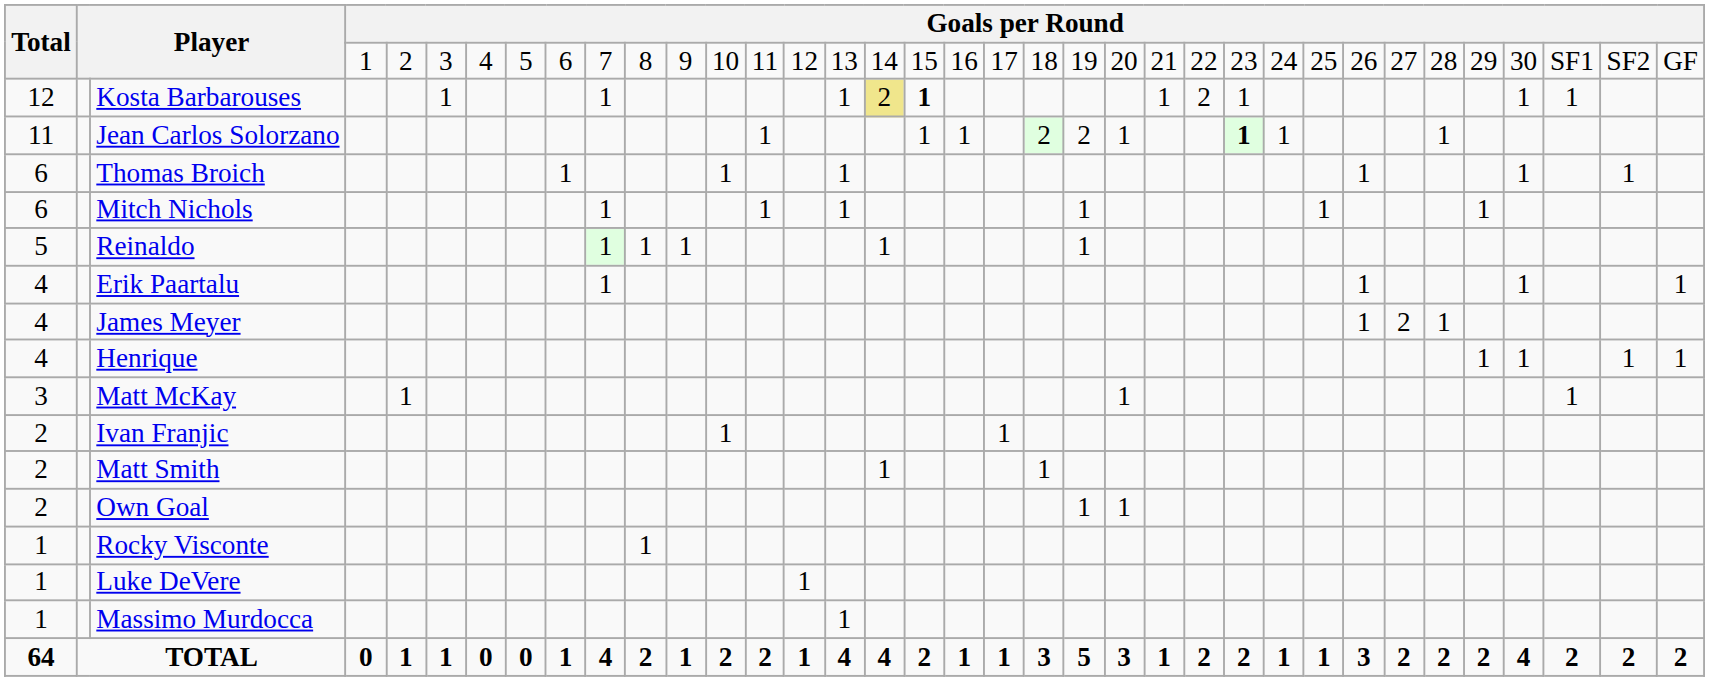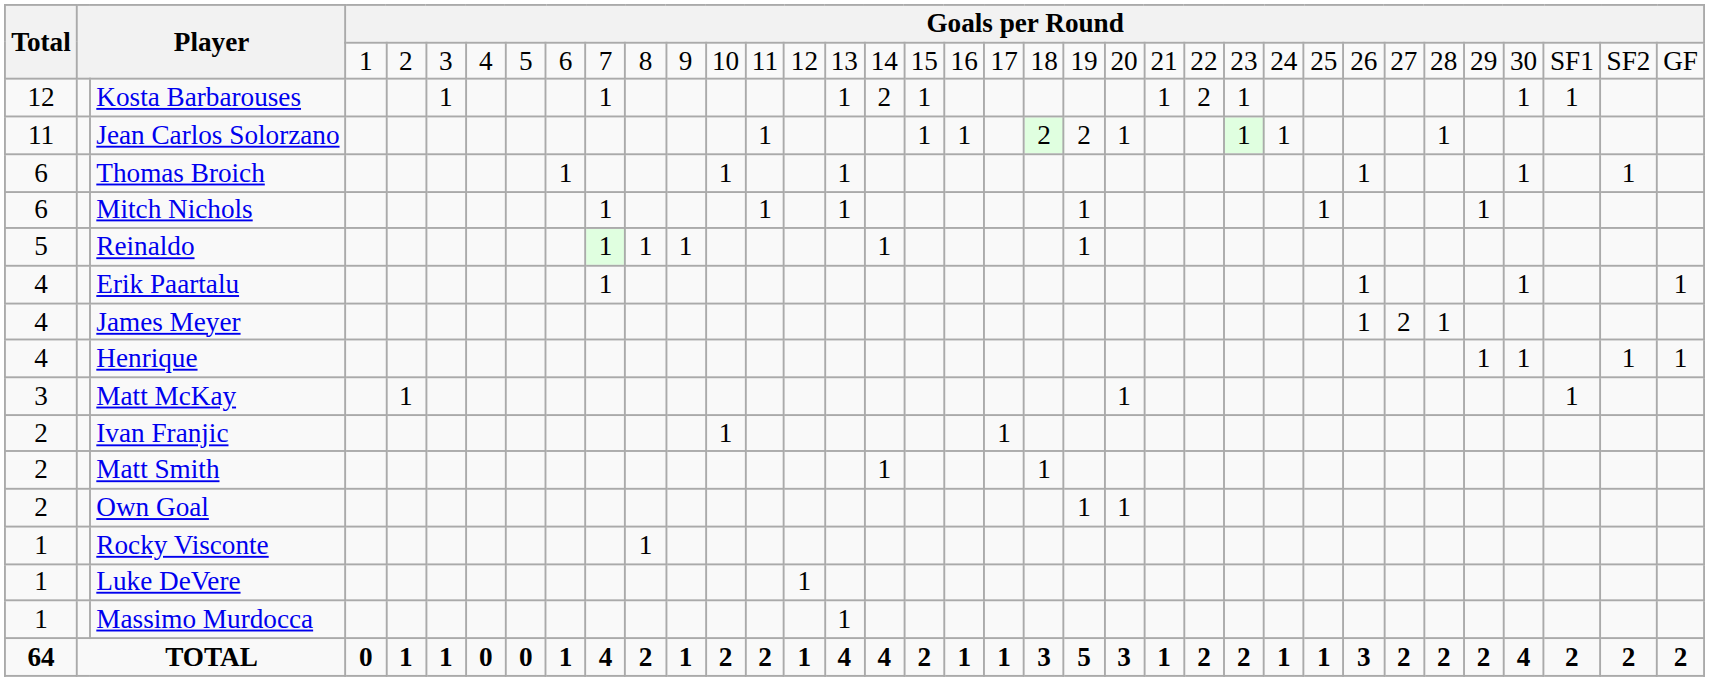 <table class="wikitable" style="text-align:center; line-height: 90%; font-size:90%;">
 <tr>
 <th rowspan="2">Total</th>
 <th rowspan="2" colspan="2">Player</th>
 <th colspan="33">Goals per Round</th>
 </tr>
 <tr>
 <td> 1 </td>
 <td> 2 </td>
 <td> 3 </td>
 <td> 4 </td>
 <td> 5 </td>
 <td> 6 </td>
 <td> 7 </td>
 <td> 8 </td>
 <td> 9 </td>
 <td>10</td>
 <td>11</td>
 <td>12</td>
 <td>13</td>
 <td>14</td>
 <td>15</td>
 <td>16</td>
 <td>17</td>
 <td>18</td>
 <td>19</td>
 <td>20</td>
 <td>21</td>
 <td>22</td>
 <td>23</td>
 <td>24</td>
 <td>25</td>
 <td>26</td>
 <td>27</td>
 <td>28</td>
 <td>29</td>
 <td>30</td>
 <td>SF1</td>
 <td>SF2</td>
 <td>GF</td>
 </tr>
 <tr>
 <td>12</td>
 <td></td>
 <td style="text-align:left;"><a href='#'>Kosta Barbarouses</a></td>
 <td></td>
 <td></td>
 <td>1</td>
 <td></td>
 <td></td>
 <td></td>
 <td>1</td>
 <td></td>
 <td></td>
 <td></td>
 <td></td>
 <td></td>
 <td>1</td>
-<td style="background: khaki;">2</td>
-<td><strong>1</strong></td>
+<td>2</td>
+<td>1</td>
 <td></td>
 <td></td>
 <td></td>
 <td></td>
 <td></td>
 <td>1</td>
 <td>2</td>
 <td>1</td>
 <td></td>
 <td></td>
 <td></td>
 <td></td>
 <td></td>
 <td></td>
 <td>1</td>
 <td>1</td>
 <td></td>
 <td></td>
 </tr>
 <tr>
 <td>11</td>
 <td></td>
 <td style="text-align:left;"><a href='#'>Jean Carlos Solorzano</a></td>
 <td></td>
 <td></td>
 <td></td>
 <td></td>
 <td></td>
 <td></td>
 <td></td>
 <td></td>
 <td></td>
 <td></td>
 <td>1</td>
 <td></td>
 <td></td>
 <td></td>
 <td>1</td>
 <td>1</td>
 <td></td>
 <td style="background:#e0ffe0;">2</td>
 <td>2</td>
 <td>1</td>
 <td></td>
 <td></td>
-<td style="background:#e0ffe0;"><strong>1</strong></td>
+<td style="background:#e0ffe0;">1</td>
 <td>1</td>
 <td></td>
 <td></td>
 <td></td>
 <td>1</td>
 <td></td>
 <td></td>
 <td></td>
 <td></td>
 <td></td>
 </tr>
 <tr>
 <td>6</td>
 <td></td>
 <td style="text-align:left;"><a href='#'>Thomas Broich</a></td>
 <td></td>
 <td></td>
 <td></td>
 <td></td>
 <td></td>
 <td>1</td>
 <td></td>
 <td></td>
 <td></td>
 <td>1</td>
 <td></td>
 <td></td>
 <td>1</td>
 <td></td>
 <td></td>
 <td></td>
 <td></td>
 <td></td>
 <td></td>
 <td></td>
 <td></td>
 <td></td>
 <td></td>
 <td></td>
 <td></td>
 <td>1</td>
 <td></td>
 <td></td>
 <td></td>
 <td>1</td>
 <td></td>
 <td>1</td>
 <td></td>
 </tr>
 <tr>
 <td>6</td>
 <td></td>
 <td style="text-align:left;"><a href='#'>Mitch Nichols</a></td>
 <td></td>
 <td></td>
 <td></td>
 <td></td>
 <td></td>
 <td></td>
 <td>1</td>
 <td></td>
 <td></td>
 <td></td>
 <td>1</td>
 <td></td>
 <td>1</td>
 <td></td>
 <td></td>
 <td></td>
 <td></td>
 <td></td>
 <td>1</td>
 <td></td>
 <td></td>
 <td></td>
 <td></td>
 <td></td>
 <td>1</td>
 <td></td>
 <td></td>
 <td></td>
 <td>1</td>
 <td></td>
 <td></td>
 <td></td>
 <td></td>
 </tr>
 <tr>
 <td>5</td>
 <td></td>
 <td style="text-align:left;"><a href='#'>Reinaldo</a></td>
 <td></td>
 <td></td>
 <td></td>
 <td></td>
 <td></td>
 <td></td>
 <td style="background:#e0ffe0;">1</td>
 <td>1</td>
 <td>1</td>
 <td></td>
 <td></td>
 <td></td>
 <td></td>
 <td>1</td>
 <td></td>
 <td></td>
 <td></td>
 <td></td>
 <td>1</td>
 <td></td>
 <td></td>
 <td></td>
 <td></td>
 <td></td>
 <td></td>
 <td></td>
 <td></td>
 <td></td>
 <td></td>
 <td></td>
 <td></td>
 <td></td>
 <td></td>
 </tr>
 <tr>
 <td>4</td>
 <td></td>
 <td style="text-align:left;"><a href='#'>Erik Paartalu</a></td>
 <td></td>
 <td></td>
 <td></td>
 <td></td>
 <td></td>
 <td></td>
 <td>1</td>
 <td></td>
 <td></td>
 <td></td>
 <td></td>
 <td></td>
 <td></td>
 <td></td>
 <td></td>
 <td></td>
 <td></td>
 <td></td>
 <td></td>
 <td></td>
 <td></td>
 <td></td>
 <td></td>
 <td></td>
 <td></td>
 <td>1</td>
 <td></td>
 <td></td>
 <td></td>
 <td>1</td>
 <td></td>
 <td></td>
 <td>1</td>
 </tr>
 <tr>
 <td>4</td>
 <td></td>
 <td style="text-align:left;"><a href='#'>James Meyer</a></td>
 <td></td>
 <td></td>
 <td></td>
 <td></td>
 <td></td>
 <td></td>
 <td></td>
 <td></td>
 <td></td>
 <td></td>
 <td></td>
 <td></td>
 <td></td>
 <td></td>
 <td></td>
 <td></td>
 <td></td>
 <td></td>
 <td></td>
 <td></td>
 <td></td>
 <td></td>
 <td></td>
 <td></td>
 <td></td>
 <td>1</td>
 <td>2</td>
 <td>1</td>
 <td></td>
 <td></td>
 <td></td>
 <td></td>
 <td></td>
 </tr>
 <tr>
 <td>4</td>
 <td></td>
 <td style="text-align:left;"><a href='#'>Henrique</a></td>
 <td></td>
 <td></td>
 <td></td>
 <td></td>
 <td></td>
 <td></td>
 <td></td>
 <td></td>
 <td></td>
 <td></td>
 <td></td>
 <td></td>
 <td></td>
 <td></td>
 <td></td>
 <td></td>
 <td></td>
 <td></td>
 <td></td>
 <td></td>
 <td></td>
 <td></td>
 <td></td>
 <td></td>
 <td></td>
 <td></td>
 <td></td>
 <td></td>
 <td>1</td>
 <td>1</td>
 <td></td>
 <td>1</td>
 <td>1</td>
 </tr>
 <tr>
 <td>3</td>
 <td></td>
 <td style="text-align:left;"><a href='#'>Matt McKay</a></td>
 <td></td>
 <td>1</td>
 <td></td>
 <td></td>
 <td></td>
 <td></td>
 <td></td>
 <td></td>
 <td></td>
 <td></td>
 <td></td>
 <td></td>
 <td></td>
 <td></td>
 <td></td>
 <td></td>
 <td></td>
 <td></td>
 <td></td>
 <td>1</td>
 <td></td>
 <td></td>
 <td></td>
 <td></td>
 <td></td>
 <td></td>
 <td></td>
 <td></td>
 <td></td>
 <td></td>
 <td>1</td>
 <td></td>
 <td></td>
 </tr>
 <tr>
 <td>2</td>
 <td></td>
 <td style="text-align:left;"><a href='#'>Ivan Franjic</a></td>
 <td></td>
 <td></td>
 <td></td>
 <td></td>
 <td></td>
 <td></td>
 <td></td>
 <td></td>
 <td></td>
 <td>1</td>
 <td></td>
 <td></td>
 <td></td>
 <td></td>
 <td></td>
 <td></td>
 <td>1</td>
 <td></td>
 <td></td>
 <td></td>
 <td></td>
 <td></td>
 <td></td>
 <td></td>
 <td></td>
 <td></td>
 <td></td>
 <td></td>
 <td></td>
 <td></td>
 <td></td>
 <td></td>
 <td></td>
 </tr>
 <tr>
 <td>2</td>
 <td></td>
 <td style="text-align:left;"><a href='#'>Matt Smith</a></td>
 <td></td>
 <td></td>
 <td></td>
 <td></td>
 <td></td>
 <td></td>
 <td></td>
 <td></td>
 <td></td>
 <td></td>
 <td></td>
 <td></td>
 <td></td>
 <td>1</td>
 <td></td>
 <td></td>
 <td></td>
 <td>1</td>
 <td></td>
 <td></td>
 <td></td>
 <td></td>
 <td></td>
 <td></td>
 <td></td>
 <td></td>
 <td></td>
 <td></td>
 <td></td>
 <td></td>
 <td></td>
 <td></td>
 <td></td>
 </tr>
 <tr>
 <td>2</td>
 <td></td>
 <td style="text-align:left;"><a href='#'>Own Goal</a></td>
 <td></td>
 <td></td>
 <td></td>
 <td></td>
 <td></td>
 <td></td>
 <td></td>
 <td></td>
 <td></td>
 <td></td>
 <td></td>
 <td></td>
 <td></td>
 <td></td>
 <td></td>
 <td></td>
 <td></td>
 <td></td>
 <td>1</td>
 <td>1</td>
 <td></td>
 <td></td>
 <td></td>
 <td></td>
 <td></td>
 <td></td>
 <td></td>
 <td></td>
 <td></td>
 <td></td>
 <td></td>
 <td></td>
 <td></td>
 </tr>
 <tr>
 <td>1</td>
 <td></td>
 <td style="text-align:left;"><a href='#'>Rocky Visconte</a></td>
 <td></td>
 <td></td>
 <td></td>
 <td></td>
 <td></td>
 <td></td>
 <td></td>
 <td>1</td>
 <td></td>
 <td></td>
 <td></td>
 <td></td>
 <td></td>
 <td></td>
 <td></td>
 <td></td>
 <td></td>
 <td></td>
 <td></td>
 <td></td>
 <td></td>
 <td></td>
 <td></td>
 <td></td>
 <td></td>
 <td></td>
 <td></td>
 <td></td>
 <td></td>
 <td></td>
 <td></td>
 <td></td>
 <td></td>
 </tr>
 <tr>
 <td>1</td>
 <td></td>
 <td style="text-align:left;"><a href='#'>Luke DeVere</a></td>
 <td></td>
 <td></td>
 <td></td>
 <td></td>
 <td></td>
 <td></td>
 <td></td>
 <td></td>
 <td></td>
 <td></td>
 <td></td>
 <td>1</td>
 <td></td>
 <td></td>
 <td></td>
 <td></td>
 <td></td>
 <td></td>
 <td></td>
 <td></td>
 <td></td>
 <td></td>
 <td></td>
 <td></td>
 <td></td>
 <td></td>
 <td></td>
 <td></td>
 <td></td>
 <td></td>
 <td></td>
 <td></td>
 <td></td>
 </tr>
 <tr>
 <td>1</td>
 <td></td>
 <td style="text-align:left;"><a href='#'>Massimo Murdocca</a></td>
 <td></td>
 <td></td>
 <td></td>
 <td></td>
 <td></td>
 <td></td>
 <td></td>
 <td></td>
 <td></td>
 <td></td>
 <td></td>
 <td></td>
 <td>1</td>
 <td></td>
 <td></td>
 <td></td>
 <td></td>
 <td></td>
 <td></td>
 <td></td>
 <td></td>
 <td></td>
 <td></td>
 <td></td>
 <td></td>
 <td></td>
 <td></td>
 <td></td>
 <td></td>
 <td></td>
 <td></td>
 <td></td>
 <td></td>
 </tr>
 <tr>
 <td><strong>64</strong></td>
 <td style="text-align:center;" colspan="2"><strong>TOTAL</strong></td>
 <td><strong>0</strong></td>
 <td><strong>1</strong></td>
 <td><strong>1</strong></td>
 <td><strong>0</strong></td>
 <td><strong>0</strong></td>
 <td><strong>1</strong></td>
 <td><strong>4</strong></td>
 <td><strong>2</strong></td>
 <td><strong>1</strong></td>
 <td><strong>2</strong></td>
 <td><strong>2</strong></td>
 <td><strong>1</strong></td>
 <td><strong>4</strong></td>
 <td><strong>4</strong></td>
 <td><strong>2</strong></td>
 <td><strong>1</strong></td>
 <td><strong>1</strong></td>
 <td><strong> 3</strong></td>
 <td><strong>5</strong></td>
 <td><strong>3</strong></td>
 <td><strong>1</strong></td>
 <td><strong>2</strong></td>
 <td><strong>2</strong></td>
 <td><strong>1</strong></td>
 <td><strong>1</strong></td>
 <td><strong>3</strong></td>
 <td><strong>2</strong></td>
 <td><strong>2</strong></td>
 <td><strong>2</strong></td>
 <td><strong>4</strong></td>
 <td><strong>2</strong></td>
 <td><strong>2</strong></td>
 <td><strong>2</strong></td>
 </tr>
 </table>
